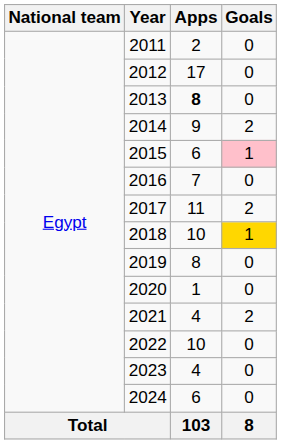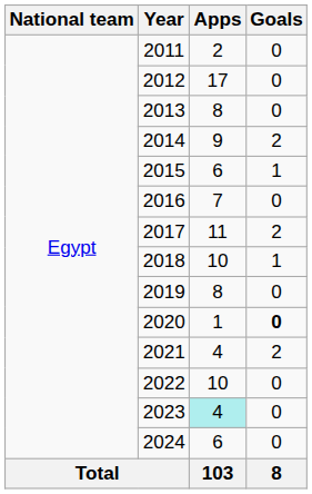 <table class="wikitable" style="text-align:center">
 <tr>
 <th>National team</th>
 <th>Year</th>
 <th>Apps</th>
 <th>Goals</th>
 </tr>
 <tr>
 <td rowspan="14"><a href='#'>Egypt</a></td>
 <td>2011</td>
 <td>2</td>
 <td>0</td>
 </tr>
 <tr>
 <td>2012</td>
 <td>17</td>
 <td>0</td>
 </tr>
 <tr>
 <td>2013</td>
-<td><strong>8</strong></td>
+<td>8</td>
 <td>0</td>
 </tr>
 <tr>
 <td>2014</td>
 <td>9</td>
 <td>2</td>
 </tr>
 <tr>
 <td>2015</td>
 <td>6</td>
-<td style="background: pink;">1</td>
+<td>1</td>
 </tr>
 <tr>
 <td>2016</td>
 <td>7</td>
 <td>0</td>
 </tr>
 <tr>
 <td>2017</td>
 <td>11</td>
 <td>2</td>
 </tr>
 <tr>
 <td>2018</td>
 <td>10</td>
-<td style="background: gold;">1</td>
+<td>1</td>
 </tr>
 <tr>
 <td>2019</td>
 <td>8</td>
 <td>0</td>
 </tr>
 <tr>
 <td>2020</td>
 <td>1</td>
-<td>0</td>
+<td><strong>0</strong></td>
 </tr>
 <tr>
 <td>2021</td>
 <td>4</td>
 <td>2</td>
 </tr>
 <tr>
 <td>2022</td>
 <td>10</td>
 <td>0</td>
 </tr>
 <tr>
 <td>2023</td>
-<td>4</td>
+<td style="background: paleturquoise;">4</td>
 <td>0</td>
 </tr>
 <tr>
 <td>2024</td>
 <td>6</td>
 <td>0</td>
 </tr>
 <tr>
 <th colspan="2">Total</th>
 <th>103</th>
 <th>8</th>
 </tr>
 </table>
